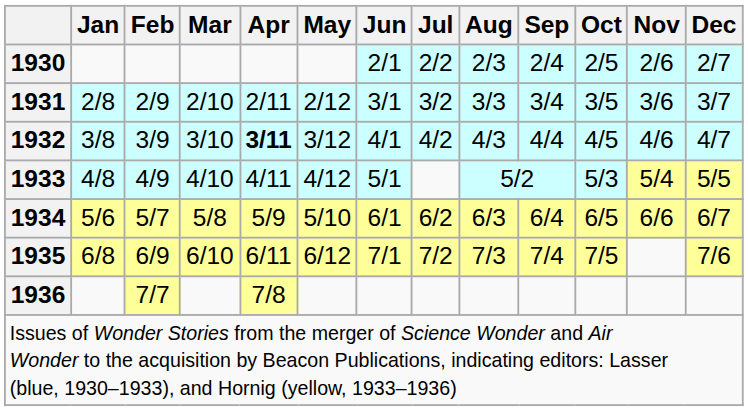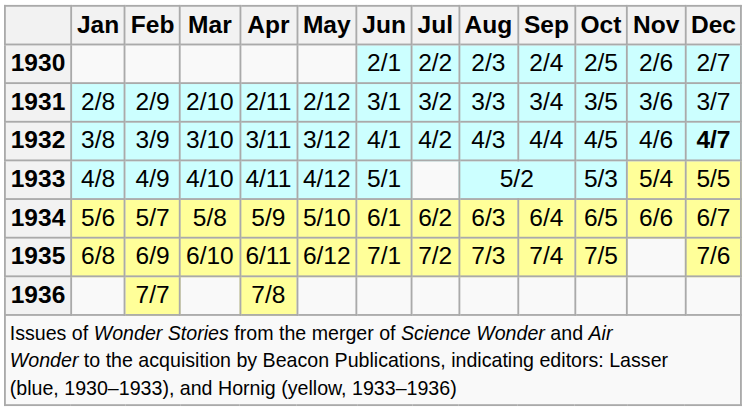 <table class="wikitable" style="font-size: 10pt; line-height: 11pt; margin-right: 2em; text-align: center; float: left">
 <tr>
 <th></th>
 <th>Jan</th>
 <th>Feb</th>
 <th>Mar</th>
 <th>Apr</th>
 <th>May</th>
 <th>Jun</th>
 <th>Jul</th>
 <th>Aug</th>
 <th>Sep</th>
 <th>Oct</th>
 <th>Nov</th>
 <th>Dec</th>
 </tr>
 <tr>
 <th>1930</th>
 <td></td>
 <td></td>
 <td></td>
 <td></td>
 <td></td>
 <td bgcolor=#ccffff>2/1</td>
 <td bgcolor=#ccffff>2/2</td>
 <td bgcolor=#ccffff>2/3</td>
 <td bgcolor=#ccffff>2/4</td>
 <td bgcolor=#ccffff>2/5</td>
 <td bgcolor=#ccffff>2/6</td>
 <td bgcolor=#ccffff>2/7</td>
 </tr>
 <tr>
 <th>1931</th>
 <td bgcolor=#ccffff>2/8</td>
 <td bgcolor=#ccffff>2/9</td>
 <td bgcolor=#ccffff>2/10</td>
 <td bgcolor=#ccffff>2/11</td>
 <td bgcolor=#ccffff>2/12</td>
 <td bgcolor=#ccffff>3/1</td>
 <td bgcolor=#ccffff>3/2</td>
 <td bgcolor=#ccffff>3/3</td>
 <td bgcolor=#ccffff>3/4</td>
 <td bgcolor=#ccffff>3/5</td>
 <td bgcolor=#ccffff>3/6</td>
 <td bgcolor=#ccffff>3/7</td>
 </tr>
 <tr>
 <th>1932</th>
 <td bgcolor=#ccffff>3/8</td>
 <td bgcolor=#ccffff>3/9</td>
 <td bgcolor=#ccffff>3/10</td>
-<td bgcolor=#ccffff><strong>3/11</strong></td>
+<td bgcolor=#ccffff>3/11</td>
 <td bgcolor=#ccffff>3/12</td>
 <td bgcolor=#ccffff>4/1</td>
 <td bgcolor=#ccffff>4/2</td>
 <td bgcolor=#ccffff>4/3</td>
 <td bgcolor=#ccffff>4/4</td>
 <td bgcolor=#ccffff>4/5</td>
 <td bgcolor=#ccffff>4/6</td>
-<td bgcolor=#ccffff>4/7</td>
+<td bgcolor=#ccffff><strong>4/7</strong></td>
 </tr>
 <tr>
 <th>1933</th>
 <td bgcolor=#ccffff>4/8</td>
 <td bgcolor=#ccffff>4/9</td>
 <td bgcolor=#ccffff>4/10</td>
 <td bgcolor=#ccffff>4/11</td>
 <td bgcolor=#ccffff>4/12</td>
 <td bgcolor=#ccffff>5/1</td>
 <td></td>
 <td colspan="2" bgcolor=#ccffff>5/2</td>
 <td bgcolor=#ccffff>5/3</td>
 <td bgcolor=#ffff99>5/4</td>
 <td bgcolor=#ffff99>5/5</td>
 </tr>
 <tr>
 <th>1934</th>
 <td bgcolor=#ffff99>5/6</td>
 <td bgcolor=#ffff99>5/7</td>
 <td bgcolor=#ffff99>5/8</td>
 <td bgcolor=#ffff99>5/9</td>
 <td bgcolor=#ffff99>5/10</td>
 <td bgcolor=#ffff99>6/1</td>
 <td bgcolor=#ffff99>6/2</td>
 <td bgcolor=#ffff99>6/3</td>
 <td bgcolor=#ffff99>6/4</td>
 <td bgcolor=#ffff99>6/5</td>
 <td bgcolor=#ffff99>6/6</td>
 <td bgcolor=#ffff99>6/7</td>
 </tr>
 <tr>
 <th>1935</th>
 <td bgcolor=#ffff99>6/8</td>
 <td bgcolor=#ffff99>6/9</td>
 <td bgcolor=#ffff99>6/10</td>
 <td bgcolor=#ffff99>6/11</td>
 <td bgcolor=#ffff99>6/12</td>
 <td bgcolor=#ffff99>7/1</td>
 <td bgcolor=#ffff99>7/2</td>
 <td bgcolor=#ffff99>7/3</td>
 <td bgcolor=#ffff99>7/4</td>
 <td bgcolor=#ffff99>7/5</td>
 <td></td>
 <td bgcolor=#ffff99>7/6</td>
 </tr>
 <tr>
 <th>1936</th>
 <td></td>
 <td bgcolor=#ffff99>7/7</td>
 <td></td>
 <td bgcolor=#ffff99>7/8</td>
 <td></td>
 <td></td>
 <td></td>
 <td></td>
 <td></td>
 <td></td>
 <td></td>
 <td></td>
 </tr>
 <tr>
 <td colspan="13" style="font-size: 8pt; text-align:left">Issues of <em>Wonder Stories</em> from the merger of <em>Science Wonder</em> and <em>Air<br>Wonder</em> to the acquisition by Beacon Publications, indicating editors: Lasser<br>(blue, 1930–1933), and Hornig (yellow, 1933–1936)</td>
 </tr>
 </table>
